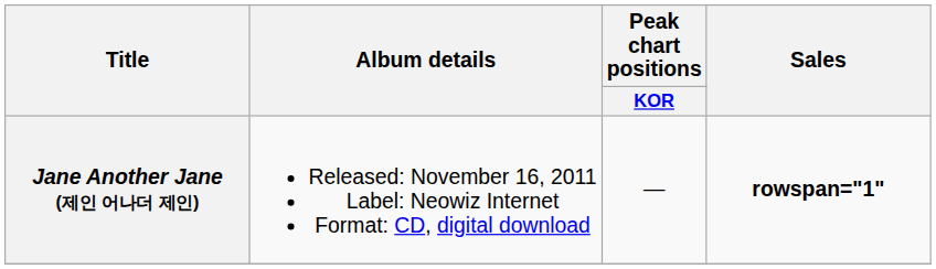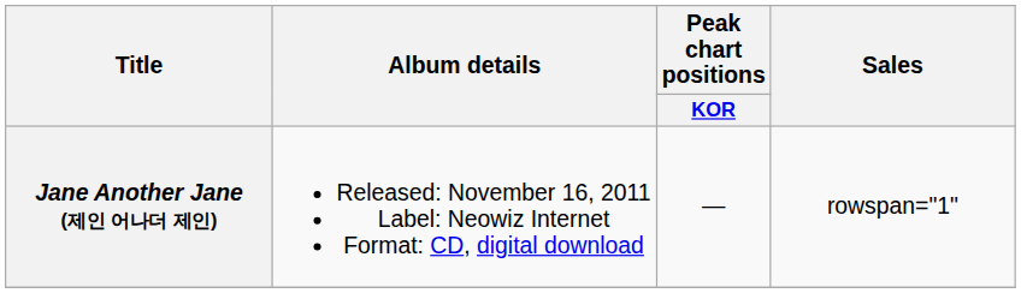 <table class="wikitable plainrowheaders" style="text-align:center;">
 <tr>
 <th scope="col" rowspan="2" style="width:11em;">Title</th>
 <th scope="col" rowspan="2" style="width:16em;">Album details</th>
 <th scope="col" colspan="1">Peak chart positions</th>
 <th scope="col" rowspan="2" style="width:10em;">Sales</th>
 </tr>
 <tr>
 <th scope="col" style="width:3em;font-size:85%;"><a href='#'>KOR</a><br></th>
 </tr>
 <tr>
 <th scope="row"><em>Jane Another Jane</em> <br><small>(제인 어나더 제인)</small></th>
 <td><br><ul><li>Released: November 16, 2011</li><li>Label: Neowiz Internet</li><li>Format: <a href='#'>CD</a>, <a href='#'>digital download</a></li></ul></td>
 <td>—</td>
-<td><strong>rowspan="1" </strong></td>
+<td>rowspan="1" </td>
 </tr>
 <tr>
 </tr>
 </table>
